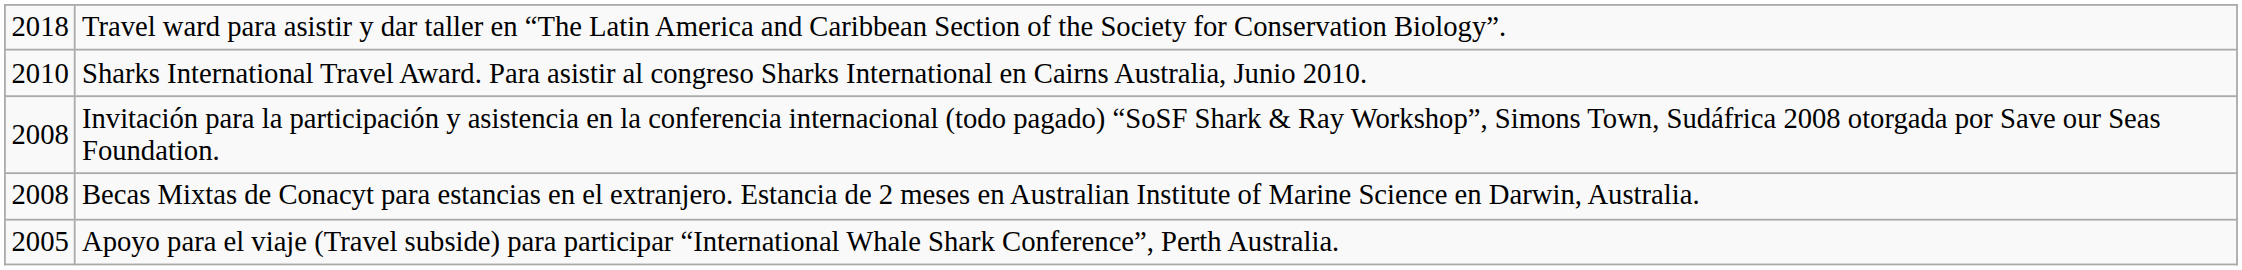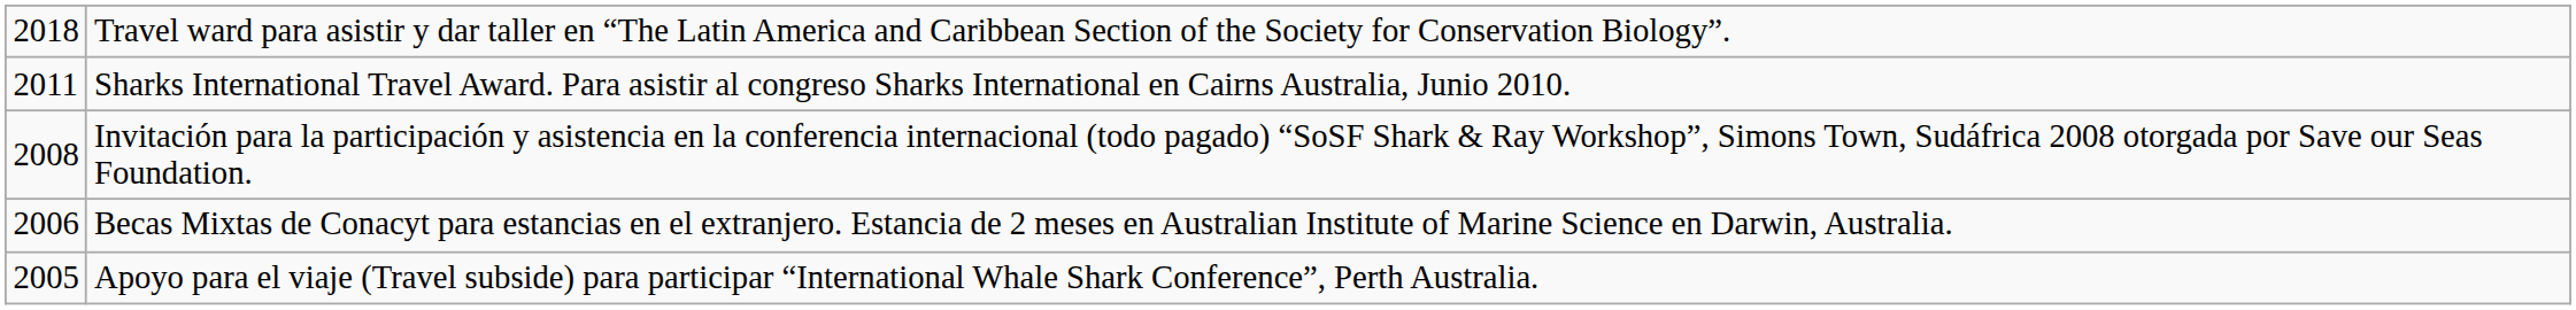 <table class="wikitable">
 <tr>
 <td>2018</td>
 <td>Travel  ward para asistir y dar taller en “The Latin America and Caribbean Section of the Society for Conservation Biology”.</td>
 </tr>
 <tr>
-<td>2010</td>
+<td>2011</td>
 <td>Sharks International Travel Award. Para asistir al  congreso Sharks International en Cairns Australia, Junio 2010.</td>
 </tr>
 <tr>
 <td>2008</td>
 <td>Invitación para la participación y asistencia en la  conferencia  internacional (todo  pagado) “SoSF Shark & Ray Workshop”, Simons Town, Sudáfrica 2008 otorgada  por Save our Seas Foundation.</td>
 </tr>
 <tr>
-<td>2008</td>
+<td>2006</td>
 <td>Becas Mixtas de  Conacyt para estancias en el extranjero. Estancia de 2 meses en  Australian Institute of Marine Science en  Darwin, Australia.</td>
 </tr>
 <tr>
 <td>2005</td>
 <td>Apoyo  para el viaje (Travel subside) para participar “International Whale Shark  Conference”, Perth Australia.</td>
 </tr>
 </table>
